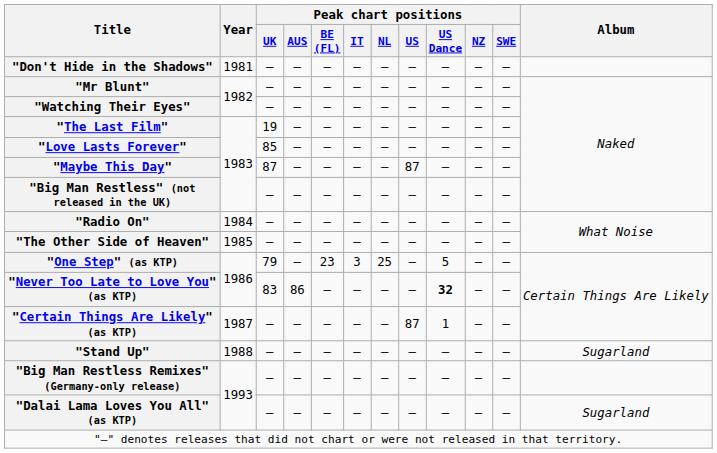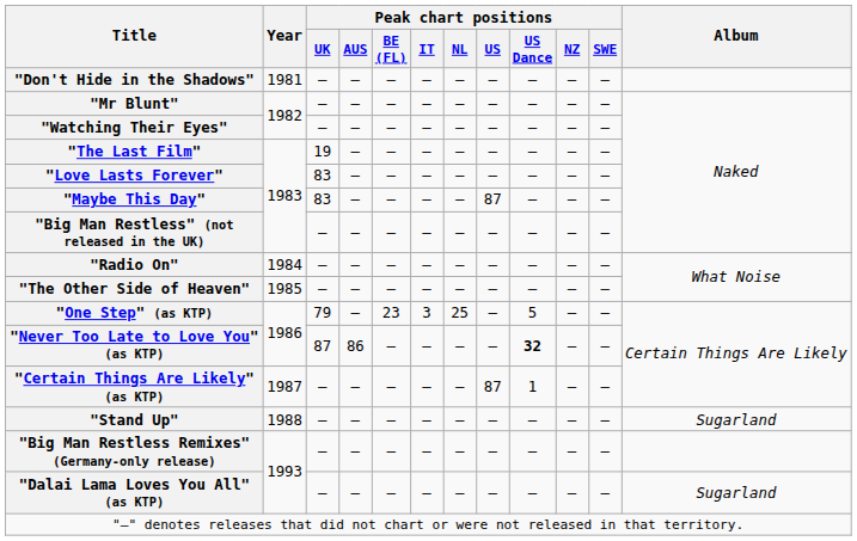 <table class="wikitable plainrowheaders" style="text-align:center;">
 <tr>
 <th rowspan="2" scope="col" style="width:17em;">Title</th>
 <th rowspan="2" scope="col" style="width:2em;">Year</th>
 <th colspan="9">Peak chart positions</th>
 <th rowspan="2">Album</th>
 </tr>
 <tr>
 <th scope="col" style="width:2em;font-size:90%;"><a href='#'>UK</a><br></th>
 <th scope="col" style="width:2em;font-size:90%;"><a href='#'>AUS</a><br></th>
 <th scope="col" style="width:2em;font-size:90%;"><a href='#'>BE (FL)</a><br></th>
 <th scope="col" style="width:2em;font-size:90%;"><a href='#'>IT</a><br></th>
 <th scope="col" style="width:2em;font-size:90%;"><a href='#'>NL</a><br></th>
 <th scope="col" style="width:2em;font-size:90%;"><a href='#'>US</a><br></th>
 <th scope="col" style="width:2em;font-size:90%;"><a href='#'>US Dance</a><br></th>
 <th scope="col" style="width:2em;font-size:90%;"><a href='#'>NZ</a><br></th>
 <th scope="col" style="width:2em;font-size:90%;"><a href='#'>SWE</a><br></th>
 </tr>
 <tr>
 <th scope="row">"Don't Hide in the Shadows"</th>
 <td>1981</td>
 <td>—</td>
 <td>—</td>
 <td>—</td>
 <td>—</td>
 <td>—</td>
 <td>—</td>
 <td>—</td>
 <td>—</td>
 <td>—</td>
 <td></td>
 </tr>
 <tr>
 <th scope="row">"Mr Blunt"</th>
 <td rowspan="2">1982</td>
 <td>—</td>
 <td>—</td>
 <td>—</td>
 <td>—</td>
 <td>—</td>
 <td>—</td>
 <td>—</td>
 <td>—</td>
 <td>—</td>
 <td rowspan="6"><em>Naked</em></td>
 </tr>
 <tr>
 <th scope="row">"Watching Their Eyes"</th>
 <td>—</td>
 <td>—</td>
 <td>—</td>
 <td>—</td>
 <td>—</td>
 <td>—</td>
 <td>—</td>
 <td>—</td>
 <td>—</td>
 </tr>
 <tr>
 <th scope="row">"<a href='#'>The Last Film</a>"</th>
 <td rowspan="4">1983</td>
 <td>19</td>
 <td>—</td>
 <td>—</td>
 <td>—</td>
 <td>—</td>
 <td>—</td>
 <td>—</td>
 <td>—</td>
 <td>—</td>
 </tr>
 <tr>
 <th scope="row">"<a href='#'>Love Lasts Forever</a>"</th>
-<td>85</td>
+<td>83</td>
 <td>—</td>
 <td>—</td>
 <td>—</td>
 <td>—</td>
 <td>—</td>
 <td>—</td>
 <td>—</td>
 <td>—</td>
 </tr>
 <tr>
 <th scope="row">"<a href='#'>Maybe This Day</a>"</th>
-<td>87</td>
+<td>83</td>
 <td>—</td>
 <td>—</td>
 <td>—</td>
 <td>—</td>
 <td>87</td>
 <td>—</td>
 <td>—</td>
 <td>—</td>
 </tr>
 <tr>
 <th scope="row">"Big Man Restless" <small>(not released in the UK)</small></th>
 <td>—</td>
 <td>—</td>
 <td>—</td>
 <td>—</td>
 <td>—</td>
 <td>—</td>
 <td>—</td>
 <td>—</td>
 <td>—</td>
 </tr>
 <tr>
 <th scope="row">"Radio On"</th>
 <td>1984</td>
 <td>—</td>
 <td>—</td>
 <td>—</td>
 <td>—</td>
 <td>—</td>
 <td>—</td>
 <td>—</td>
 <td>—</td>
 <td>—</td>
 <td rowspan="2"><em>What Noise</em></td>
 </tr>
 <tr>
 <th scope="row">"The Other Side of Heaven"</th>
 <td>1985</td>
 <td>—</td>
 <td>—</td>
 <td>—</td>
 <td>—</td>
 <td>—</td>
 <td>—</td>
 <td>—</td>
 <td>—</td>
 <td>—</td>
 </tr>
 <tr>
 <th scope="row">"<a href='#'>One Step</a>" <small>(as KTP)</small></th>
 <td rowspan="2">1986</td>
 <td>79</td>
 <td>—</td>
 <td>23</td>
 <td>3</td>
 <td>25</td>
 <td>—</td>
 <td>5</td>
 <td>—</td>
 <td>—</td>
 <td rowspan="3"><em>Certain Things Are Likely</em></td>
 </tr>
 <tr>
 <th scope="row">"<a href='#'>Never Too Late to Love You</a>" <small>(as KTP)</small></th>
-<td>83</td>
+<td>87</td>
 <td>86</td>
 <td>—</td>
 <td>—</td>
 <td>—</td>
 <td>—</td>
 <td><strong>32</strong></td>
 <td>—</td>
 <td>—</td>
 </tr>
 <tr>
 <th scope="row">"<a href='#'>Certain Things Are Likely</a>" <small>(as KTP)</small></th>
 <td>1987</td>
 <td>—</td>
 <td>—</td>
 <td>—</td>
 <td>—</td>
 <td>—</td>
 <td>87</td>
 <td>1</td>
 <td>—</td>
 <td>—</td>
 </tr>
 <tr>
 <th scope="row">"Stand Up"</th>
 <td>1988</td>
 <td>—</td>
 <td>—</td>
 <td>—</td>
 <td>—</td>
 <td>—</td>
 <td>—</td>
 <td>—</td>
 <td>—</td>
 <td>—</td>
 <td><em>Sugarland</em></td>
 </tr>
 <tr>
 <th scope="row">"Big Man Restless Remixes" <small>(Germany-only release)</small></th>
 <td rowspan="2">1993</td>
 <td>—</td>
 <td>—</td>
 <td>—</td>
 <td>—</td>
 <td>—</td>
 <td>—</td>
 <td>—</td>
 <td>—</td>
 <td>—</td>
 </tr>
 <tr>
 <th scope="row">"Dalai Lama Loves You All" <small>(as KTP)</small></th>
 <td>—</td>
 <td>—</td>
 <td>—</td>
 <td>—</td>
 <td>—</td>
 <td>—</td>
 <td>—</td>
 <td>—</td>
 <td>—</td>
 <td><em>Sugarland</em></td>
 </tr>
 <tr>
 <td colspan="12" style="font-size:90%">"—" denotes releases that did not chart or were not released in that territory.</td>
 </tr>
 </table>
